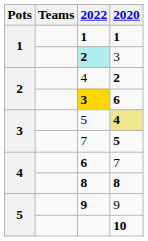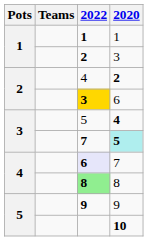 <table class="wikitable">
 <tr>
 <th>Pots</th>
 <th>Teams</th>
 <th><a href='#'>2022</a></th>
 <th><a href='#'>2020</a></th>
 </tr>
 <tr>
 <th rowspan="2">1</th>
 <td></td>
 <td><strong>1</strong></td>
-<td><strong>1</strong></td>
+<td>1</td>
 </tr>
 <tr>
 <td></td>
-<td style="background: paleturquoise;"><strong>2</strong></td>
+<td><strong>2</strong></td>
 <td>3</td>
 </tr>
 <tr>
 <th rowspan="2">2</th>
 <td></td>
 <td>4</td>
 <td><strong>2</strong></td>
 </tr>
 <tr>
 <td></td>
 <td style="background: gold;"><strong>3</strong></td>
-<td><strong>6</strong></td>
+<td>6</td>
 </tr>
 <tr>
 <th rowspan="2">3</th>
 <td></td>
 <td>5</td>
-<td style="background: khaki;"><strong>4</strong></td>
+<td><strong>4</strong></td>
 </tr>
 <tr>
 <td></td>
-<td>7</td>
-<td><strong>5</strong></td>
+<td><strong>7</strong></td>
+<td style="background: paleturquoise;"><strong>5</strong></td>
 </tr>
 <tr>
 <th rowspan="2">4</th>
 <td></td>
-<td><strong>6</strong></td>
+<td style="background: lavender;"><strong>6</strong></td>
 <td>7</td>
 </tr>
 <tr>
 <td></td>
-<td><strong>8</strong></td>
-<td><strong>8</strong></td>
+<td style="background: lightgreen;"><strong>8</strong></td>
+<td>8</td>
 </tr>
 <tr>
 <th rowspan="2">5</th>
 <td></td>
 <td><strong>9</strong></td>
 <td>9</td>
 </tr>
 <tr>
 <td></td>
 <td></td>
 <td><strong>10</strong></td>
 </tr>
 </table>
